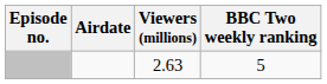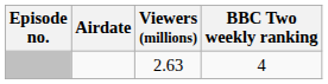 <table class="wikitable" style="text-align:center;">
 <tr>
 <th scope="col">Episode<br>no.</th>
 <th scope="col">Airdate</th>
 <th scope="col">Viewers<br><small>(millions)</small></th>
 <th scope="col">BBC Two<br>weekly ranking</th>
 </tr>
 <tr>
 <th scope="row" style="background:silver;"></th>
 <td></td>
 <td>2.63</td>
-<td>5</td>
+<td>4</td>
 </tr>
 </table>
